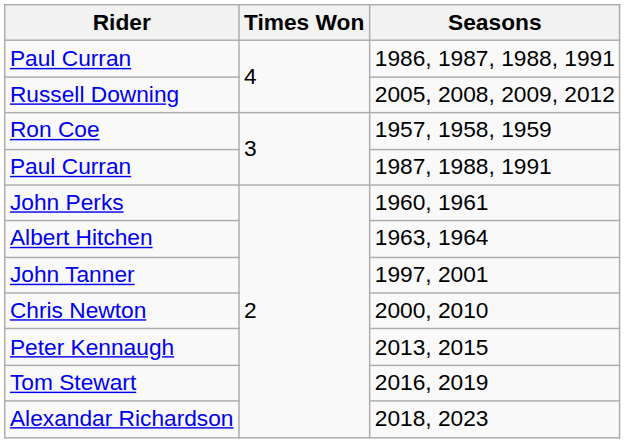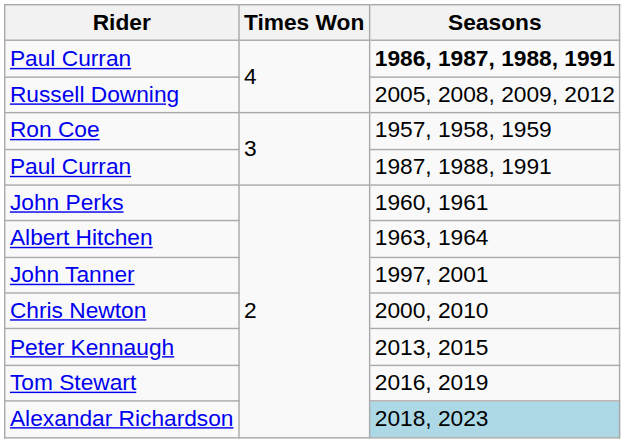 <table class="wikitable">
 <tr>
 <th>Rider</th>
 <th>Times Won</th>
 <th>Seasons</th>
 </tr>
 <tr>
 <td><a href='#'>Paul Curran</a></td>
 <td rowspan="2">4</td>
-<td>1986, 1987, 1988, 1991</td>
+<td><strong>1986, 1987, 1988, 1991</strong></td>
 </tr>
 <tr>
 <td><a href='#'>Russell Downing</a></td>
 <td>2005, 2008, 2009, 2012</td>
 </tr>
 <tr>
 <td><a href='#'>Ron Coe</a></td>
 <td rowspan="2">3</td>
 <td>1957, 1958, 1959</td>
 </tr>
 <tr>
 <td><a href='#'>Paul Curran</a></td>
 <td>1987, 1988, 1991</td>
 </tr>
 <tr>
 <td><a href='#'>John Perks</a></td>
 <td rowspan="7">2</td>
 <td>1960, 1961</td>
 </tr>
 <tr>
 <td><a href='#'>Albert Hitchen</a></td>
 <td>1963, 1964</td>
 </tr>
 <tr>
 <td><a href='#'>John Tanner</a></td>
 <td>1997, 2001</td>
 </tr>
 <tr>
 <td><a href='#'>Chris Newton</a></td>
 <td>2000, 2010</td>
 </tr>
 <tr>
 <td><a href='#'>Peter Kennaugh</a></td>
 <td>2013, 2015</td>
 </tr>
 <tr>
 <td><a href='#'>Tom Stewart</a></td>
 <td>2016, 2019</td>
 </tr>
 <tr>
 <td><a href='#'>Alexandar Richardson</a></td>
-<td>2018, 2023</td>
+<td style="background: lightblue;">2018, 2023</td>
 </tr>
 </table>
